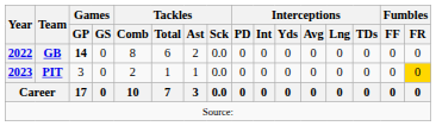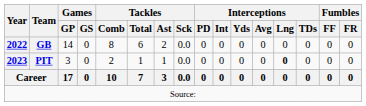 <table class="wikitable" style="text-align: center;">
 <tr>
 <th rowspan="2">Year</th>
 <th rowspan="2">Team</th>
 <th colspan="2">Games</th>
 <th colspan="4">Tackles</th>
 <th colspan="6">Interceptions</th>
 <th colspan="2">Fumbles</th>
 </tr>
 <tr>
 <th>GP</th>
 <th>GS</th>
 <th>Comb</th>
 <th>Total</th>
 <th>Ast</th>
 <th>Sck</th>
 <th>PD</th>
 <th>Int</th>
 <th>Yds</th>
 <th>Avg</th>
 <th>Lng</th>
 <th>TDs</th>
 <th>FF</th>
 <th>FR</th>
 </tr>
 <tr>
 <th><a href='#'>2022</a></th>
 <th><a href='#'>GB</a></th>
-<td><strong>14</strong></td>
+<td>14</td>
 <td>0</td>
 <td>8</td>
 <td>6</td>
 <td>2</td>
 <td>0.0</td>
 <td>0</td>
 <td>0</td>
 <td>0</td>
 <td>0</td>
 <td>0</td>
 <td>0</td>
 <td>0</td>
 <td>0</td>
 </tr>
 <tr>
 <th><a href='#'>2023</a></th>
 <th><a href='#'>PIT</a></th>
 <td>3</td>
 <td>0</td>
 <td>2</td>
 <td>1</td>
 <td>1</td>
 <td>0.0</td>
 <td>0</td>
 <td>0</td>
 <td>0</td>
 <td>0</td>
+<td><strong>0</strong></td>
 <td>0</td>
 <td>0</td>
 <td>0</td>
-<td style="background: gold;">0</td>
 </tr>
 <tr>
 <th colspan="2">Career</th>
 <th>17</th>
 <th>0</th>
 <th>10</th>
 <th>7</th>
 <th>3</th>
 <th>0.0</th>
 <th>0</th>
 <th>0</th>
 <th>0</th>
 <th>0</th>
 <th>0</th>
 <th>0</th>
 <th>0</th>
 <th>0</th>
 </tr>
 <tr>
 <td colspan="18"><small>Source: </small></td>
 </tr>
 </table>
